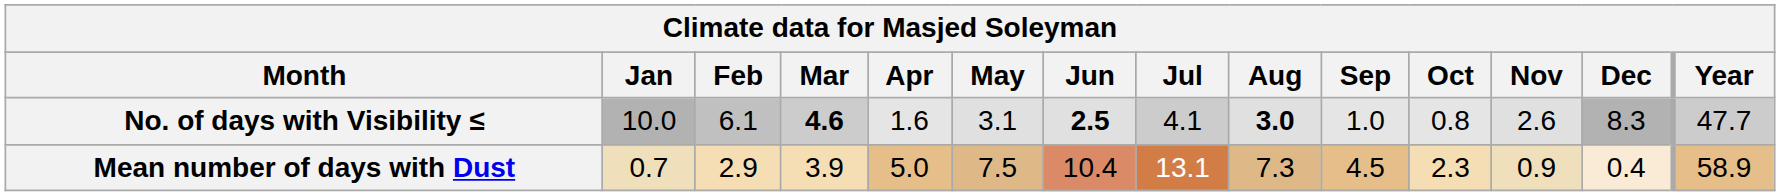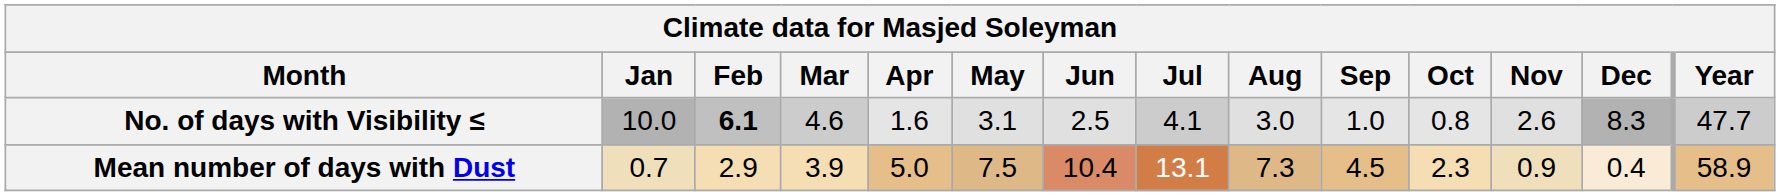 <table style="width:80%;text-align:center;line-height:1.2em;margin-left:auto;margin-right:auto" class="wikitable mw-collapsible">
 <tr>
 <th Colspan=14>Climate data for Masjed Soleyman</th>
 </tr>
 <tr>
 <th>Month</th>
 <th>Jan</th>
 <th>Feb</th>
 <th>Mar</th>
 <th>Apr</th>
 <th>May</th>
 <th>Jun</th>
 <th>Jul</th>
 <th>Aug</th>
 <th>Sep</th>
 <th>Oct</th>
 <th>Nov</th>
 <th>Dec</th>
 <th style="border-left-width:medium">Year</th>
 </tr>
 <tr>
 <th>No. of days with Visibility ≤ </th>
 <td style="background:#B2B2B2;color:#000000;">10.0</td>
-<td style="background:#C0C0C0;color:#000000;">6.1</td>
-<td style="background:#CCCCCC;color:#000000;"><strong>4.6</strong></td>
+<td style="background:#C0C0C0;color:#000000;"><strong>6.1</strong></td>
+<td style="background:#CCCCCC;color:#000000;">4.6</td>
 <td style="background:#E5E5E5;color:#000000;">1.6</td>
 <td style="background:#E0E0E0;color:#000000;">3.1</td>
-<td style="background:#E0E0E0;color:#000000;"><strong>2.5</strong></td>
+<td style="background:#E0E0E0;color:#000000;">2.5</td>
 <td style="background:#CCCCCC;color:#000000;">4.1</td>
-<td style="background:#E0E0E0;color:#000000;"><strong>3.0</strong></td>
+<td style="background:#E0E0E0;color:#000000;">3.0</td>
 <td style="background:#E5E5E5;color:#000000;">1.0</td>
 <td style="background:#E5E5E5;color:#000000;">0.8</td>
 <td style="background:#E0E0E0;color:#000000;">2.6</td>
 <td style="background:#B2B2B2;color:#000000;">8.3</td>
 <td style="background:#CCCCCC;color:#000000;border-left-width:medium">47.7</td>
 </tr>
 <tr>
 <th>Mean number of days with <a href='#'>Dust</a></th>
 <td style="background:#EFDFBB;color:#000000;">0.7</td>
 <td style="background:#F5DEB3;color:#000000;">2.9</td>
 <td style="background:#F5DEB3;color:#000000;">3.9</td>
 <td style="background:#E6BE8A;color:#000000;">5.0</td>
 <td style="background:#DEB887;color:#000000;">7.5</td>
 <td style="background:#DA8A67;color:#000000;">10.4</td>
 <td style="background:#D27D46;color:#FFFFFF;">13.1</td>
 <td style="background:#DEB887;color:#000000;">7.3</td>
 <td style="background:#E6BE8A;color:#000000;">4.5</td>
 <td style="background:#F5DEB3;color:#000000;">2.3</td>
 <td style="background:#EFDFBB;color:#000000;">0.9</td>
 <td style="background:#FAEBD7;color:#000000;">0.4</td>
 <td style="background:#E6BE8A;color:#000000;border-left-width:medium">58.9</td>
 </tr>
 </table>
